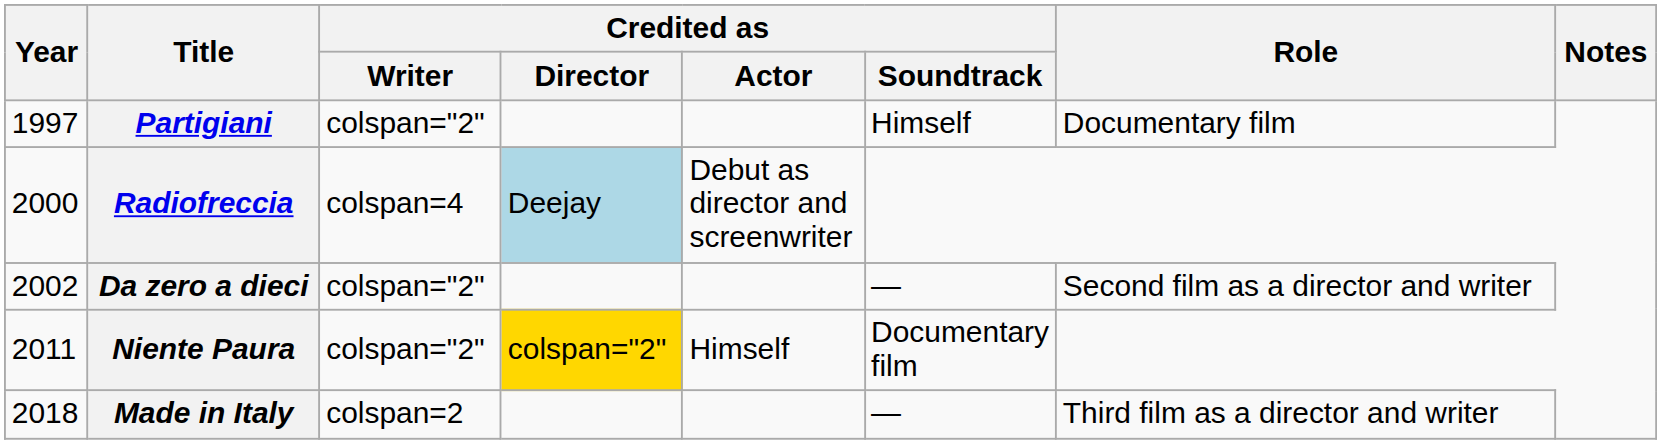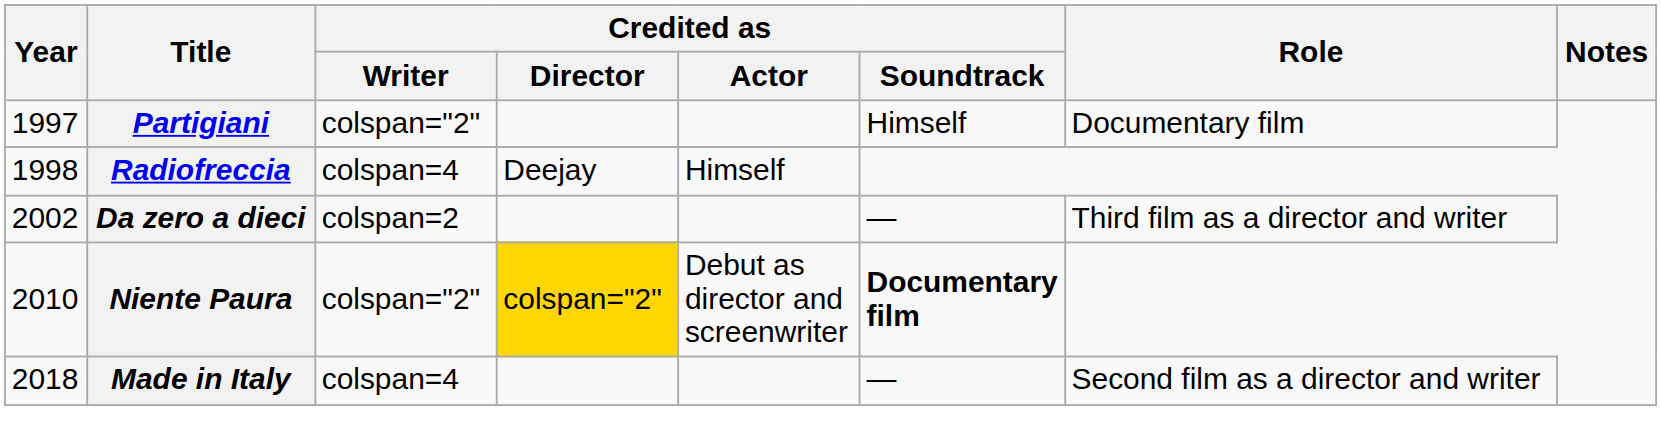 <table class="wikitable plainrowheaders" style="margin-right:auto; margin-right:auto; width:100%;" style="text-align:center;">
 <tr>
 <th rowspan="2">Year</th>
 <th rowspan="2">Title</th>
 <th colspan="4">Credited as</th>
 <th rowspan="2">Role</th>
 <th rowspan="2">Notes</th>
 </tr>
 <tr>
 <th width="11%">Writer</th>
 <th width="11%">Director</th>
 <th width="11%">Actor</th>
 <th width="11%">Soundtrack</th>
 </tr>
 <tr>
 <td>1997</td>
 <th><em><a href='#'>Partigiani</a></em></th>
 <td>colspan="2" </td>
 <td></td>
 <td></td>
 <td>Himself</td>
 <td>Documentary film</td>
 </tr>
 <tr>
-<td>2000</td>
+<td>1998</td>
 <th><em><a href='#'>Radiofreccia</a></em></th>
 <td>colspan=4 </td>
-<td style="background: lightblue;">Deejay</td>
-<td>Debut as director and screenwriter</td>
+<td>Deejay</td>
+<td>Himself</td>
 </tr>
 <tr>
 <td>2002</td>
 <th><em>Da zero a dieci</em></th>
-<td>colspan="2" </td>
-<td></td>
-<td></td>
-<td>—</td>
-<td>Second film as a director and writer</td>
-</tr>
-<tr>
-<td>2011</td>
-<th><em>Niente Paura</em></th>
-<td>colspan="2" </td>
-<td style="background: gold;">colspan="2" </td>
-<td>Himself</td>
-<td>Documentary film</td>
-</tr>
-<tr>
-<td>2018</td>
-<th><em>Made in Italy</em></th>
 <td>colspan=2 </td>
 <td></td>
 <td></td>
 <td>—</td>
 <td>Third film as a director and writer</td>
 </tr>
+<tr>
+<td>2010</td>
+<th><em>Niente Paura</em></th>
+<td>colspan="2" </td>
+<td style="background: gold;">colspan="2" </td>
+<td>Debut as director and screenwriter</td>
+<td><strong>Documentary film</strong></td>
+</tr>
+<tr>
+<td>2018</td>
+<th><em>Made in Italy</em></th>
+<td>colspan=4 </td>
+<td></td>
+<td></td>
+<td>—</td>
+<td>Second film as a director and writer</td>
+</tr>
 </table>
